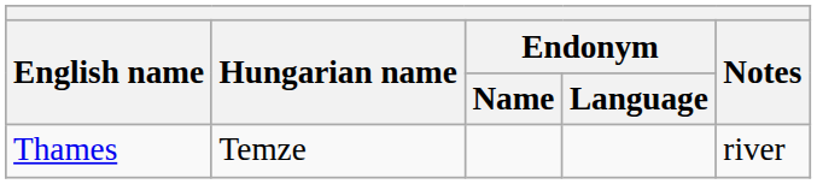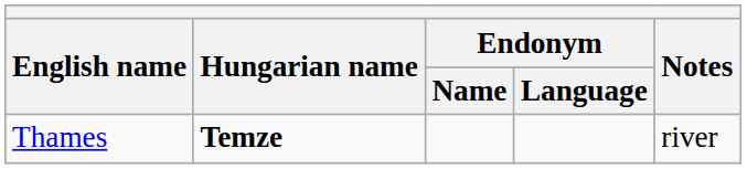 <table class="wikitable sortable">
 <tr>
 <th colspan="5"></th>
 </tr>
 <tr>
 <th rowspan="2">English name</th>
 <th rowspan="2">Hungarian name</th>
 <th colspan="2">Endonym</th>
 <th rowspan="2">Notes</th>
 </tr>
 <tr>
 <th>Name</th>
 <th>Language</th>
 </tr>
 <tr>
 <td><a href='#'>Thames</a></td>
-<td>Temze</td>
+<td><strong>Temze</strong></td>
 <td></td>
 <td></td>
 <td>river</td>
 </tr>
 </table>
